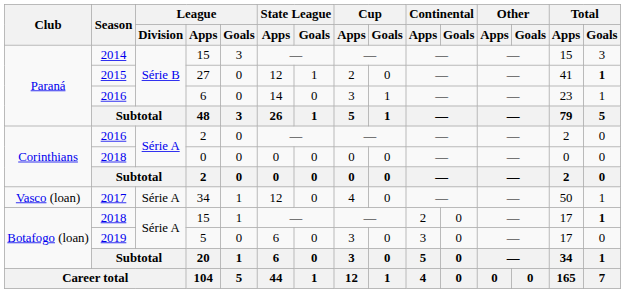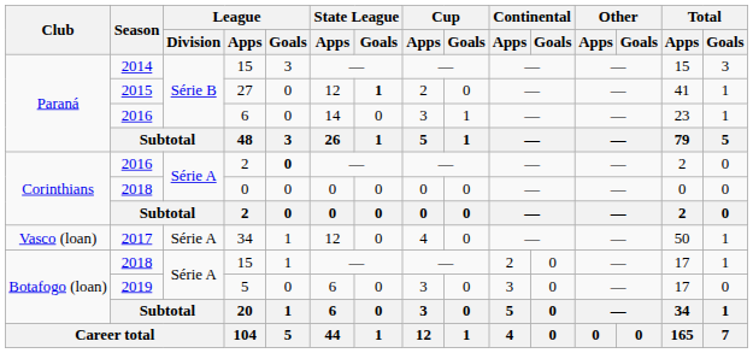 <table class="wikitable" style="text-align: center;">
 <tr>
 <th rowspan="2">Club</th>
 <th rowspan="2">Season</th>
 <th colspan="3">League</th>
 <th colspan="2">State League</th>
 <th colspan="2">Cup</th>
 <th colspan="2">Continental</th>
 <th colspan="2">Other</th>
 <th colspan="2">Total</th>
 </tr>
 <tr>
 <th>Division</th>
 <th>Apps</th>
 <th>Goals</th>
 <th>Apps</th>
 <th>Goals</th>
 <th>Apps</th>
 <th>Goals</th>
 <th>Apps</th>
 <th>Goals</th>
 <th>Apps</th>
 <th>Goals</th>
 <th>Apps</th>
 <th>Goals</th>
 </tr>
 <tr>
 <td rowspan="4" valign="center"><a href='#'>Paraná</a></td>
 <td><a href='#'>2014</a></td>
 <td rowspan="3"><a href='#'>Série B</a></td>
 <td>15</td>
 <td>3</td>
 <td colspan="2">—</td>
 <td colspan="2">—</td>
 <td colspan="2">—</td>
 <td colspan="2">—</td>
 <td>15</td>
 <td>3</td>
 </tr>
 <tr>
 <td><a href='#'>2015</a></td>
 <td>27</td>
 <td>0</td>
 <td>12</td>
-<td>1</td>
+<td><strong>1</strong></td>
 <td>2</td>
 <td>0</td>
 <td colspan="2">—</td>
 <td colspan="2">—</td>
 <td>41</td>
-<td><strong>1</strong></td>
+<td>1</td>
 </tr>
 <tr>
 <td><a href='#'>2016</a></td>
 <td>6</td>
 <td>0</td>
 <td>14</td>
 <td>0</td>
 <td>3</td>
 <td>1</td>
 <td colspan="2">—</td>
 <td colspan="2">—</td>
 <td>23</td>
 <td>1</td>
 </tr>
 <tr>
 <th colspan="2">Subtotal</th>
 <th>48</th>
 <th>3</th>
 <th>26</th>
 <th>1</th>
 <th>5</th>
 <th>1</th>
 <th colspan="2">—</th>
 <th colspan="2">—</th>
 <th>79</th>
 <th>5</th>
 </tr>
 <tr>
 <td rowspan="3" valign="center"><a href='#'>Corinthians</a></td>
 <td><a href='#'>2016</a></td>
 <td rowspan="2"><a href='#'>Série A</a></td>
 <td>2</td>
-<td>0</td>
+<td><strong>0</strong></td>
 <td colspan="2">—</td>
 <td colspan="2">—</td>
 <td colspan="2">—</td>
 <td colspan="2">—</td>
 <td>2</td>
 <td>0</td>
 </tr>
 <tr>
 <td><a href='#'>2018</a></td>
 <td>0</td>
 <td>0</td>
 <td>0</td>
 <td>0</td>
 <td>0</td>
 <td>0</td>
 <td colspan="2">—</td>
 <td colspan="2">—</td>
 <td>0</td>
 <td>0</td>
 </tr>
 <tr>
 <th colspan="2">Subtotal</th>
 <th>2</th>
 <th>0</th>
 <th>0</th>
 <th>0</th>
 <th>0</th>
 <th>0</th>
 <th colspan="2">—</th>
 <th colspan="2">—</th>
 <th>2</th>
 <th>0</th>
 </tr>
 <tr>
 <td valign="center"><a href='#'>Vasco</a> (loan)</td>
 <td><a href='#'>2017</a></td>
 <td>Série A</td>
 <td>34</td>
 <td>1</td>
 <td>12</td>
 <td>0</td>
 <td>4</td>
 <td>0</td>
 <td colspan="2">—</td>
 <td colspan="2">—</td>
 <td>50</td>
 <td>1</td>
 </tr>
 <tr>
 <td rowspan="3" valign="center"><a href='#'>Botafogo</a> (loan)</td>
 <td><a href='#'>2018</a></td>
 <td rowspan="2">Série A</td>
 <td>15</td>
 <td>1</td>
 <td colspan="2">—</td>
 <td colspan="2">—</td>
 <td>2</td>
 <td>0</td>
 <td colspan="2">—</td>
 <td>17</td>
-<td><strong>1</strong></td>
+<td>1</td>
 </tr>
 <tr>
 <td><a href='#'>2019</a></td>
 <td>5</td>
 <td>0</td>
 <td>6</td>
 <td>0</td>
 <td>3</td>
 <td>0</td>
 <td>3</td>
 <td>0</td>
 <td colspan="2">—</td>
 <td>17</td>
 <td>0</td>
 </tr>
 <tr>
 <th colspan="2">Subtotal</th>
 <th>20</th>
 <th>1</th>
 <th>6</th>
 <th>0</th>
 <th>3</th>
 <th>0</th>
 <th>5</th>
 <th>0</th>
 <th colspan="2">—</th>
 <th>34</th>
 <th>1</th>
 </tr>
 <tr>
 <th colspan="3"><strong>Career total</strong></th>
 <th>104</th>
 <th>5</th>
 <th>44</th>
 <th>1</th>
 <th>12</th>
 <th>1</th>
 <th>4</th>
 <th>0</th>
 <th>0</th>
 <th>0</th>
 <th>165</th>
 <th>7</th>
 </tr>
 </table>
